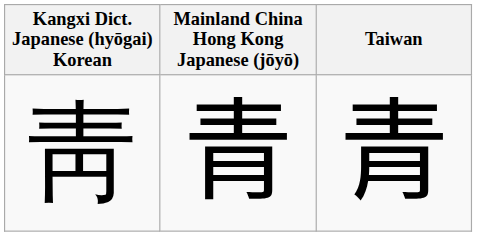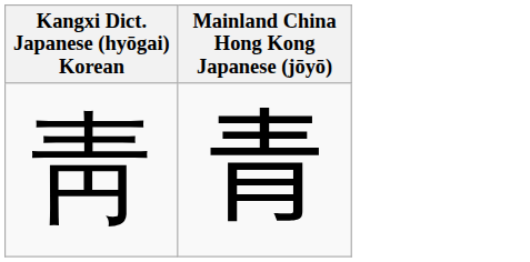 <table class="wikitable">
 <tr>
 <th>Kangxi Dict.<br>Japanese (hyōgai)<br>Korean</th>
 <th>Mainland China<br>Hong Kong<br>Japanese (jōyō)</th>
-<th>Taiwan</th>
 </tr>
 <tr style="font-size:6em;font-family:serif;line-height:100%;">
 <td lang=ja>靑</td>
 <td lang=zh-cn>青</td>
-<td lang="zh-tw">青</td>
 </tr>
 </table>
